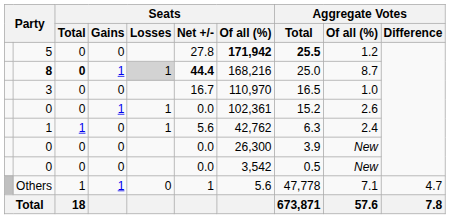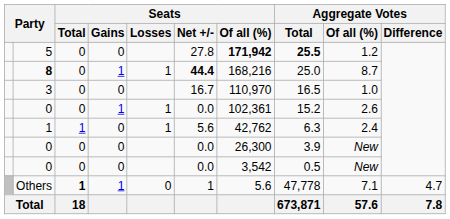 <table class="wikitable sortable" style="text-align:right; font-size:95%;">
 <tr>
 <th colspan="2" rowspan="2">Party</th>
 <th colspan="5">Seats</th>
 <th colspan="3">Aggregate Votes</th>
 </tr>
 <tr>
 <th>Total</th>
 <th>Gains</th>
 <th>Losses</th>
 <th>Net +/-</th>
 <th>Of all (%)</th>
 <th>Total</th>
 <th>Of all (%)</th>
 <th>Difference</th>
 </tr>
 <tr>
 <td></td>
 <td>5</td>
 <td>0</td>
 <td>0</td>
 <td></td>
 <td>27.8</td>
 <td><strong>171,942</strong></td>
 <td><strong>25.5</strong></td>
 <td>1.2</td>
 </tr>
 <tr>
 <td></td>
 <td><strong>8</strong></td>
-<td><strong>0</strong></td>
+<td>0</td>
 <td><a href='#'>1</a></td>
-<td style="background: lightgrey;">1</td>
+<td>1</td>
 <td><strong>44.4</strong></td>
 <td>168,216</td>
 <td>25.0</td>
 <td>8.7</td>
 </tr>
 <tr>
 <td></td>
 <td>3</td>
 <td>0</td>
 <td>0</td>
 <td></td>
 <td>16.7</td>
 <td>110,970</td>
 <td>16.5</td>
 <td>1.0</td>
 </tr>
 <tr>
 <td></td>
 <td>0</td>
 <td>0</td>
 <td><a href='#'>1</a></td>
 <td>1</td>
 <td>0.0</td>
 <td>102,361</td>
 <td>15.2</td>
 <td>2.6</td>
 </tr>
 <tr>
 <td></td>
 <td>1</td>
 <td><a href='#'>1</a></td>
 <td>0</td>
 <td>1</td>
 <td>5.6</td>
 <td>42,762</td>
 <td>6.3</td>
 <td>2.4</td>
 </tr>
 <tr>
 <td></td>
 <td>0</td>
 <td>0</td>
 <td>0</td>
 <td></td>
 <td>0.0</td>
 <td>26,300</td>
 <td>3.9</td>
 <td><em>New</em></td>
 </tr>
 <tr>
 <td></td>
 <td>0</td>
 <td>0</td>
 <td>0</td>
 <td></td>
 <td>0.0</td>
 <td>3,542</td>
 <td>0.5</td>
 <td><em>New</em></td>
 </tr>
 <tr>
 <td style="background:silver;"> </td>
 <td align=left>Others</td>
-<td>1</td>
+<td><strong>1</strong></td>
 <td><a href='#'>1</a></td>
 <td>0</td>
 <td>1</td>
 <td>5.6</td>
 <td>47,778</td>
 <td>7.1</td>
 <td>4.7</td>
 </tr>
 <tr class="sortbottom">
 <th colspan="2" style="background:#f2f2f2"><strong>Total</strong></th>
 <td style="background:#f2f2f2;"><strong>18</strong></td>
 <td style="background:#f2f2f2;"></td>
 <td style="background:#f2f2f2;"></td>
 <td style="background:#f2f2f2;"></td>
 <td style="background:#f2f2f2;"></td>
 <td style="background:#f2f2f2;"><strong>673,871</strong></td>
 <td style="background:#f2f2f2;"><strong>57.6</strong></td>
 <td style="background:#f2f2f2;"><strong>7.8</strong></td>
 </tr>
 </table>
